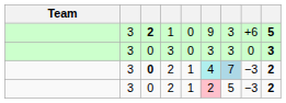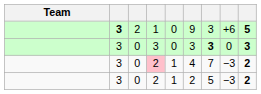 <table class="wikitable" style="text-align:center;">
 <tr>
 <th width=150>Team</th>
 <th width=20></th>
 <th width=20></th>
 <th width=20></th>
 <th width=20></th>
 <th width=20></th>
 <th width=20></th>
 <th width=20></th>
 <th width=20></th>
 </tr>
 <tr bgcolor="#ccffcc">
 <td align=left></td>
-<td>3</td>
-<td><strong>2</strong></td>
+<td><strong>3</strong></td>
+<td>2</td>
 <td>1</td>
 <td>0</td>
 <td>9</td>
 <td>3</td>
 <td>+6</td>
 <td><strong>5</strong></td>
 </tr>
 <tr bgcolor="#ccffcc">
 <td align=left></td>
 <td>3</td>
 <td>0</td>
 <td>3</td>
 <td>0</td>
 <td>3</td>
-<td>3</td>
+<td><strong>3</strong></td>
 <td>0</td>
 <td><strong>3</strong></td>
 </tr>
 <tr>
 <td align=left></td>
 <td>3</td>
-<td><strong>0</strong></td>
-<td>2</td>
+<td>0</td>
+<td style="background: pink;">2</td>
 <td>1</td>
-<td style="background: paleturquoise;">4</td>
-<td style="background: lightblue;">7</td>
+<td>4</td>
+<td>7</td>
 <td>−3</td>
 <td><strong>2</strong></td>
 </tr>
 <tr>
 <td align=left></td>
 <td>3</td>
 <td>0</td>
 <td>2</td>
 <td>1</td>
-<td style="background: pink;">2</td>
+<td>2</td>
 <td>5</td>
 <td>−3</td>
 <td><strong>2</strong></td>
 </tr>
 </table>
